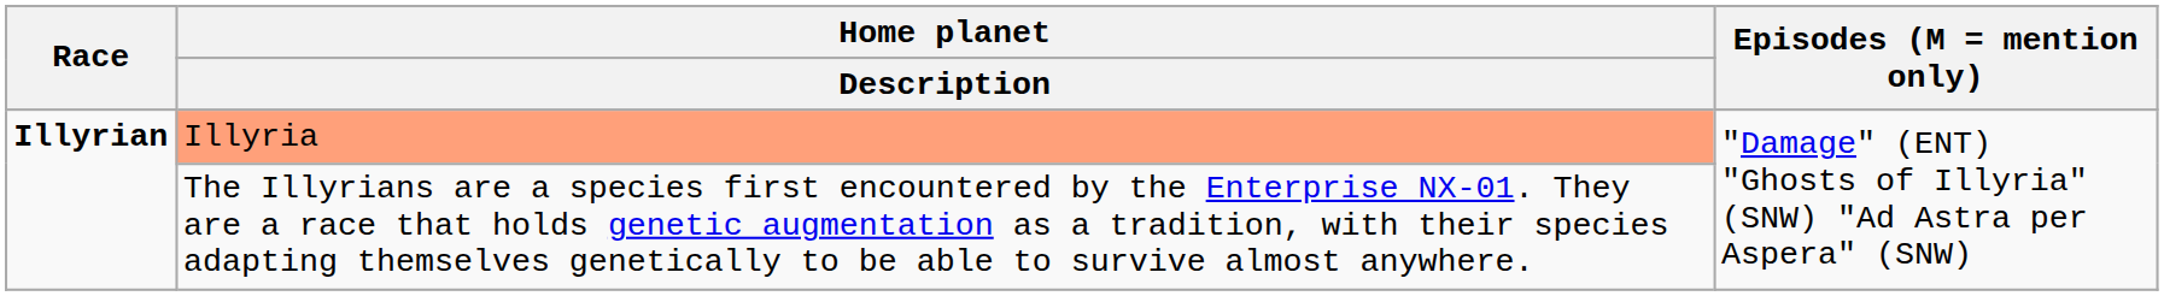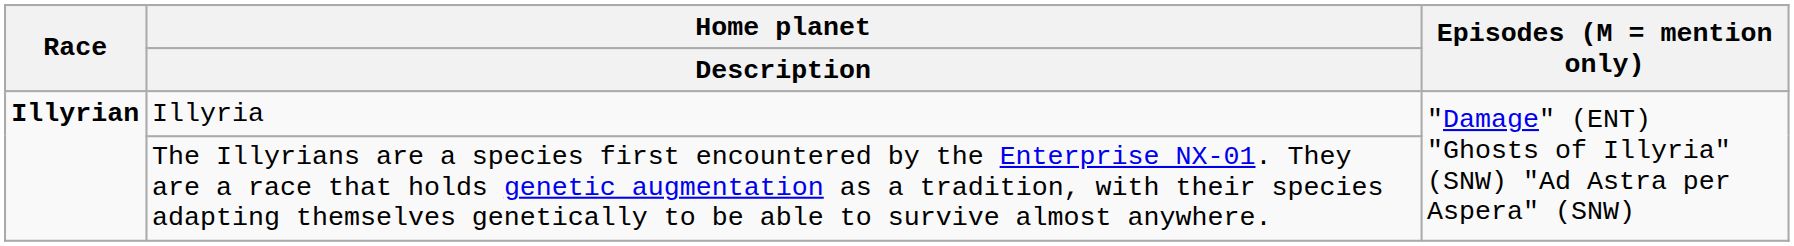 <table class="wikitable">
 <tr>
 <th rowspan="2">Race</th>
 <th>Home planet</th>
 <th rowspan="2">Episodes (M = mention only)</th>
 </tr>
 <tr>
 <th>Description</th>
 </tr>
 <tr>
 <td rowspan="2" style="vertical-align: top;"><strong>Illyrian</strong> </td>
-<td style="background: lightsalmon;">Illyria</td>
+<td>Illyria</td>
 <td rowspan="2">"<a href='#'>Damage</a>" (ENT)<br>"Ghosts of Illyria" (SNW) "Ad Astra per Aspera" (SNW)</td>
 </tr>
 <tr>
 <td>The Illyrians are a species first encountered by the <a href='#'>Enterprise NX-01</a>. They are a race that holds <a href='#'>genetic augmentation</a> as a tradition, with their species adapting themselves genetically to be able to survive almost anywhere.</td>
 </tr>
 </table>
